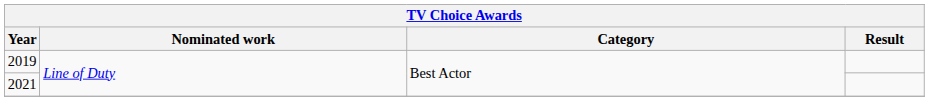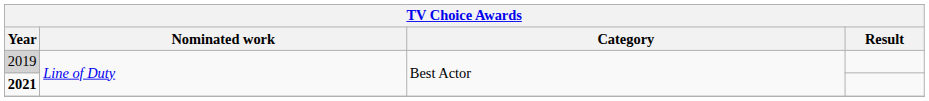 <table class="wikitable">
 <tr>
 <th colspan="4"><a href='#'>TV Choice Awards</a></th>
 </tr>
 <tr>
 <th scope="col" style="width:1em;">Year</th>
 <th scope="col" style="width:25em;">Nominated work</th>
 <th scope="col" style="width:30em;">Category</th>
 <th scope="col" style="width:5em;">Result</th>
 </tr>
 <tr>
-<td>2019</td>
+<td style="background: lightgrey;">2019</td>
 <td rowspan="2"><em><a href='#'>Line of Duty</a></em></td>
 <td rowspan="2">Best Actor</td>
 <td></td>
 </tr>
 <tr>
-<td>2021</td>
+<td><strong>2021</strong></td>
 <td></td>
 </tr>
 <tr>
 </tr>
 </table>
